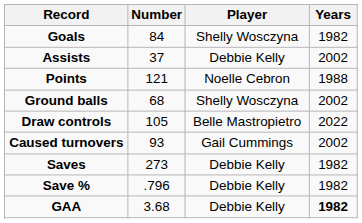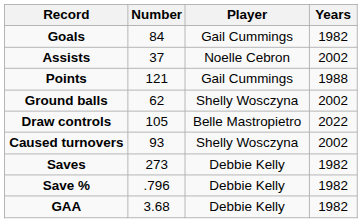 <table class="wikitable">
 <tr>
 <th style="width:140px; ">Record</th>
 <th style="width:35px; ">Number</th>
 <th style="width:140px; ">Player</th>
 <th style="width:50px; ">Years</th>
 </tr>
 <tr style="text-align:center;">
 <td><strong>Goals</strong></td>
 <td>84</td>
-<td>Shelly Wosczyna</td>
+<td>Gail Cummings</td>
 <td>1982</td>
 </tr>
 <tr style="text-align:center;">
 <td><strong>Assists</strong></td>
 <td>37</td>
-<td>Debbie Kelly</td>
+<td>Noelle Cebron</td>
 <td>2002</td>
 </tr>
 <tr style="text-align:center;">
 <td><strong>Points</strong></td>
 <td>121</td>
-<td>Noelle Cebron</td>
+<td>Gail Cummings</td>
 <td>1988</td>
 </tr>
 <tr style="text-align:center;">
 <td><strong>Ground balls</strong></td>
-<td>68</td>
+<td>62</td>
 <td>Shelly Wosczyna</td>
 <td>2002</td>
 </tr>
 <tr style="text-align:center;">
 <td><strong>Draw controls</strong></td>
 <td>105</td>
 <td>Belle Mastropietro</td>
 <td>2022</td>
 </tr>
 <tr style="text-align:center;">
 <td><strong>Caused turnovers</strong></td>
 <td>93</td>
-<td>Gail Cummings</td>
+<td>Shelly Wosczyna</td>
 <td>2002</td>
 </tr>
 <tr style="text-align:center;">
 <td><strong>Saves</strong></td>
 <td>273</td>
 <td>Debbie Kelly</td>
 <td>1982</td>
 </tr>
 <tr style="text-align:center;">
 <td><strong>Save %</strong></td>
 <td>.796</td>
 <td>Debbie Kelly</td>
 <td>1982</td>
 </tr>
 <tr style="text-align:center;">
 <td><strong>GAA</strong></td>
 <td>3.68</td>
 <td>Debbie Kelly</td>
-<td><strong>1982</strong></td>
+<td>1982</td>
 </tr>
 </table>
